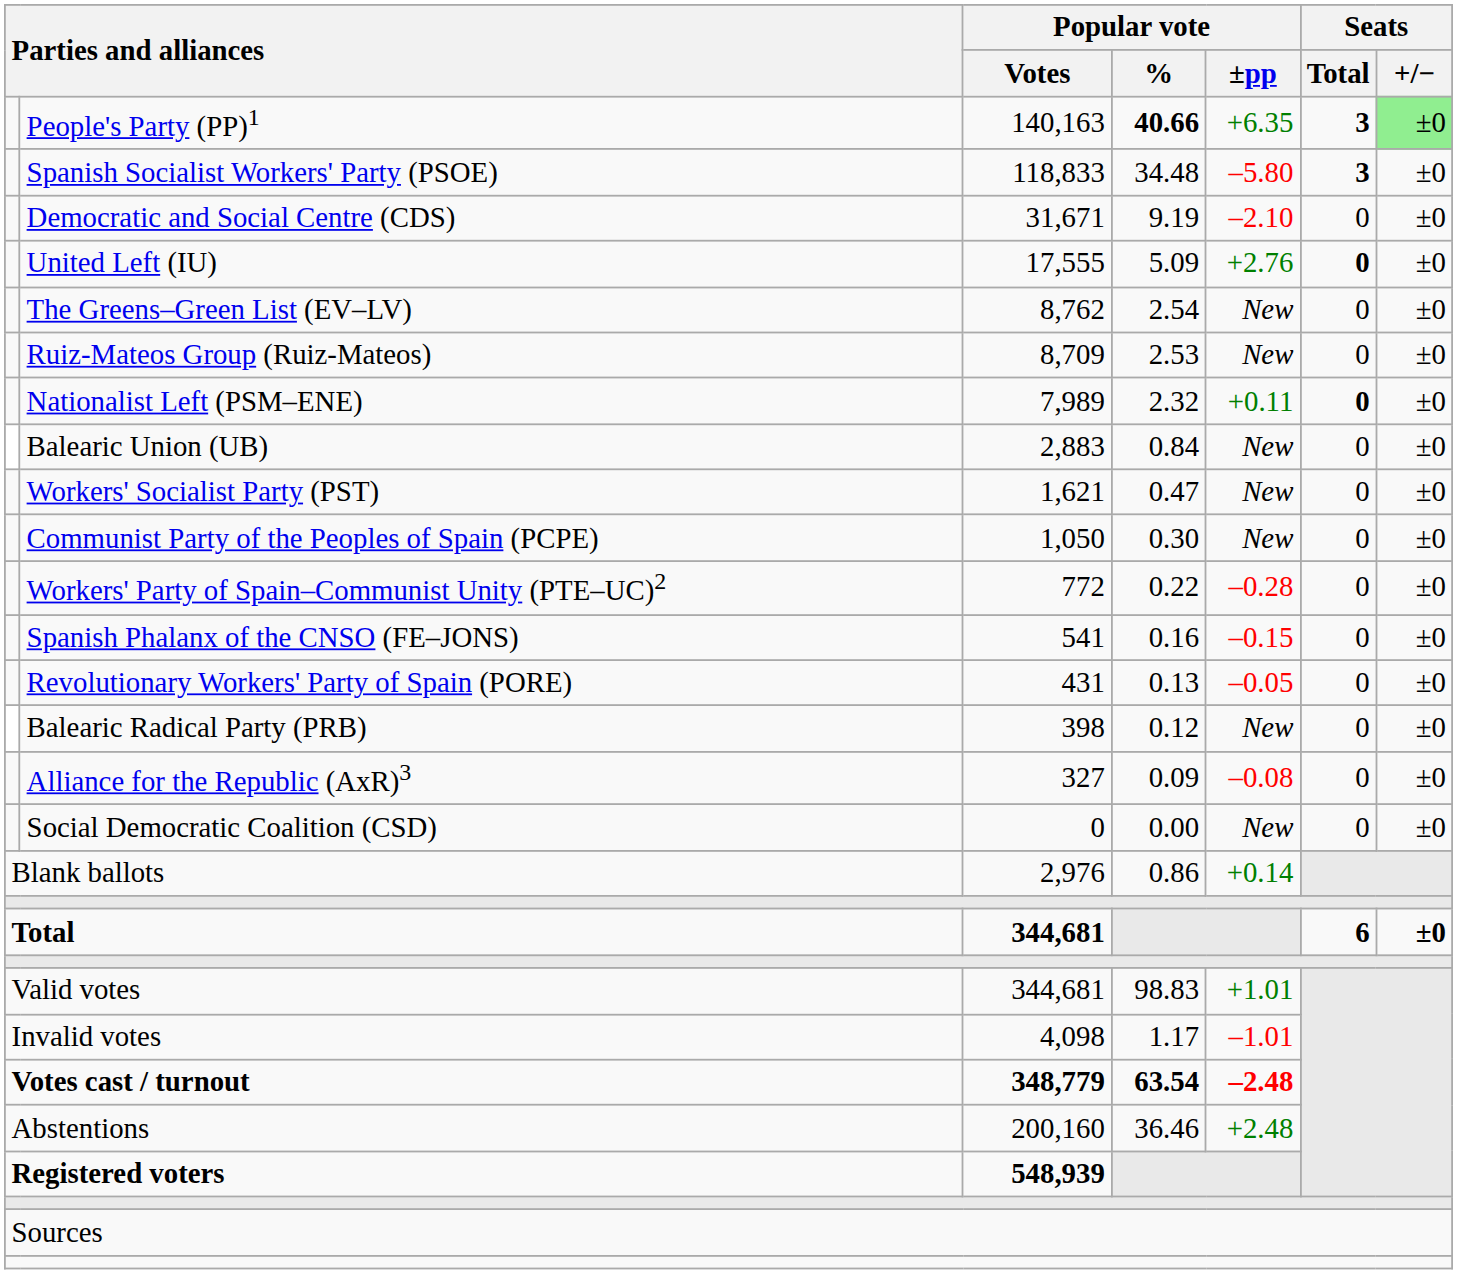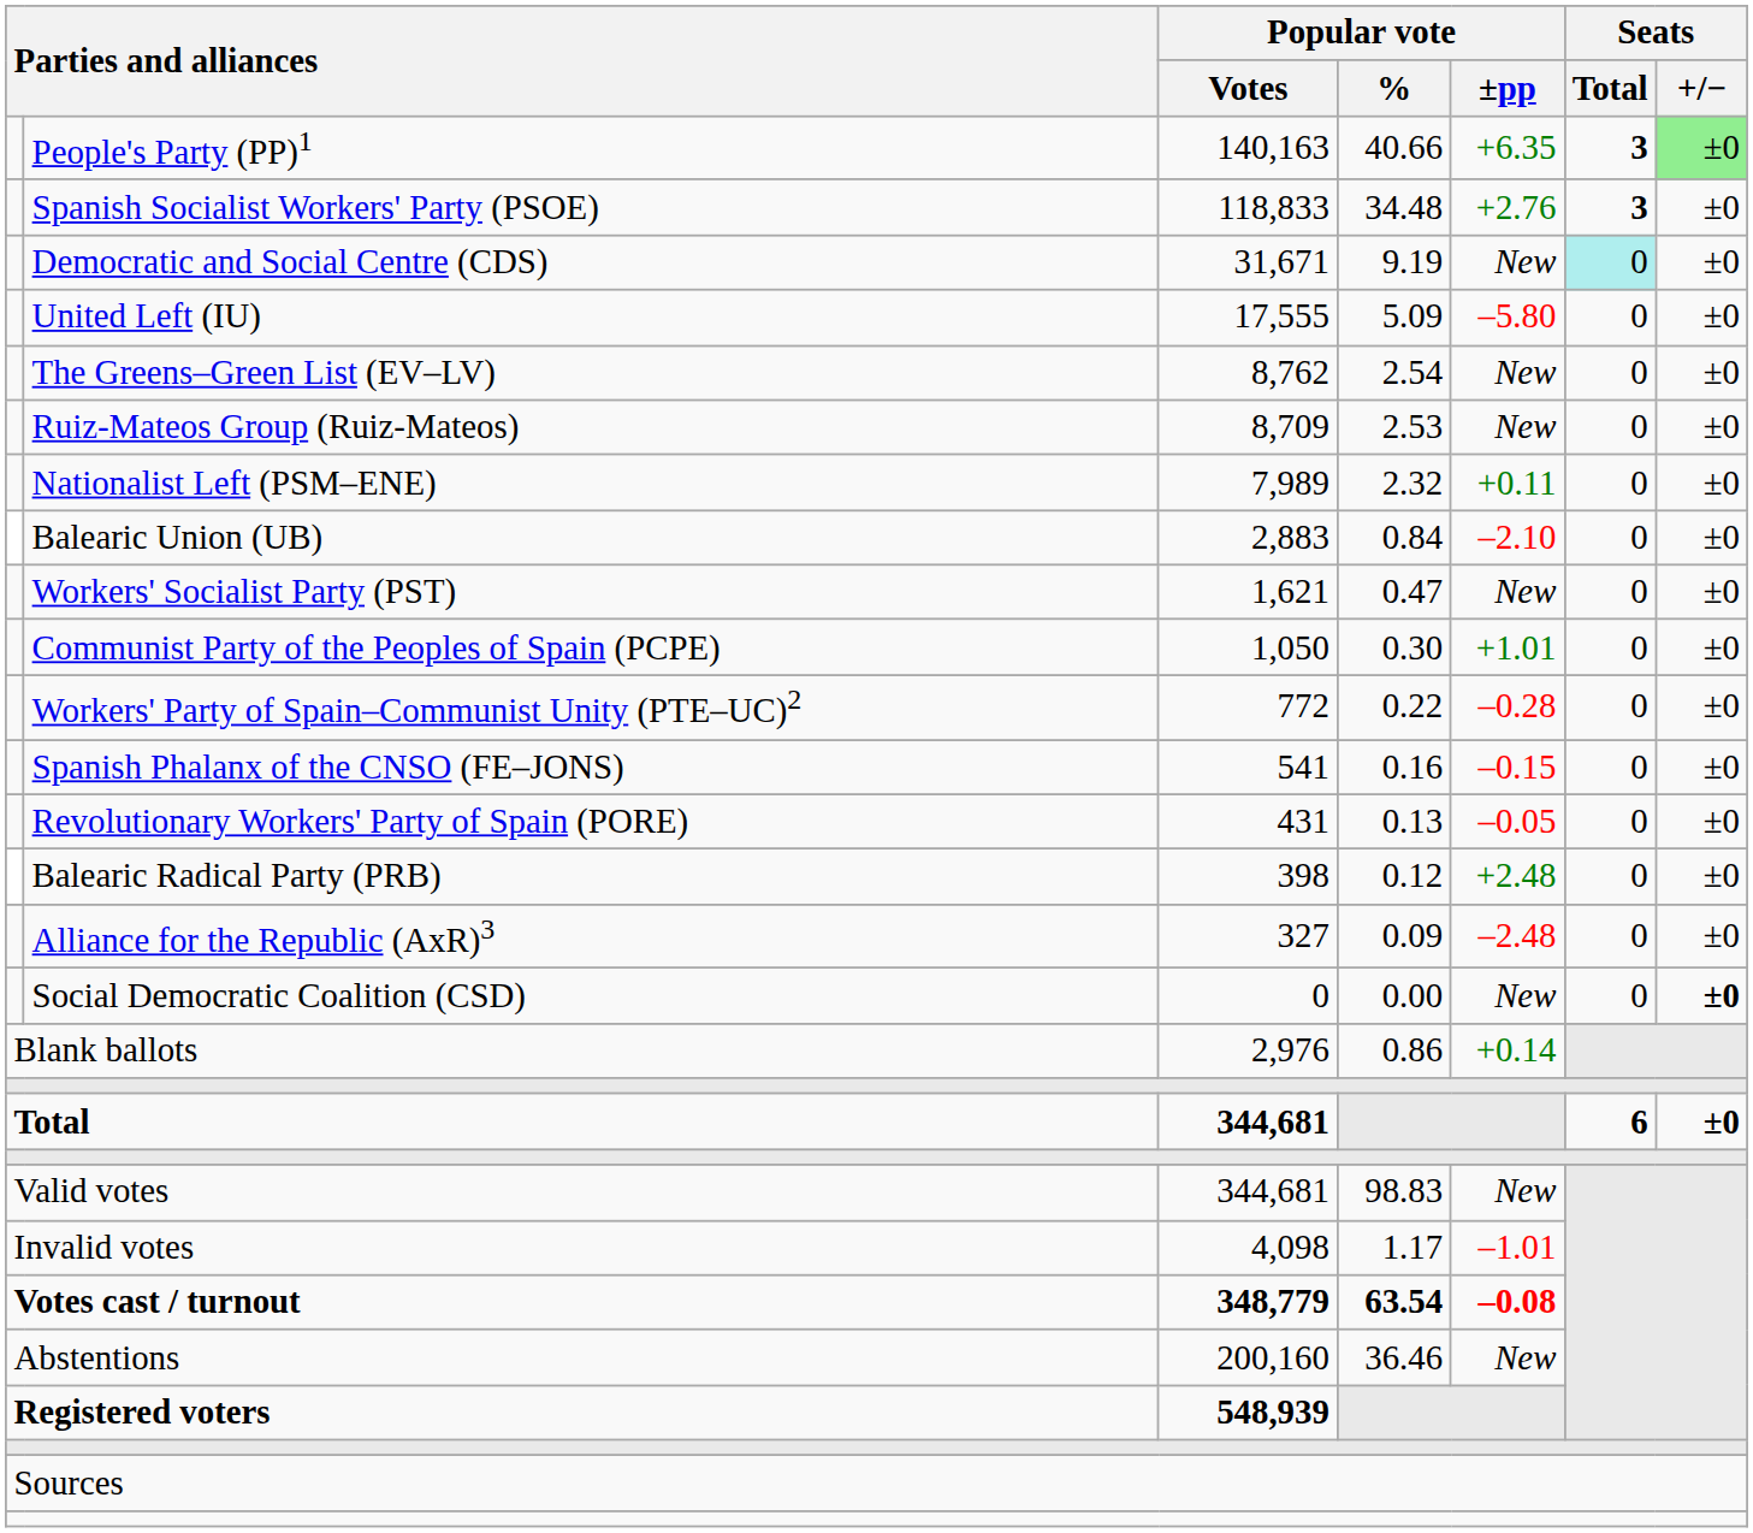 <table class="wikitable" style="text-align:right;">
 <tr>
 <th style="text-align:left;" rowspan="2" colspan="2" width="525">Parties and alliances</th>
 <th colspan="3">Popular vote</th>
 <th colspan="2">Seats</th>
 </tr>
 <tr>
 <th width="75">Votes</th>
 <th width="45">%</th>
 <th width="45">±<a href='#'>pp</a></th>
 <th width="35">Total</th>
 <th width="35">+/−</th>
 </tr>
 <tr>
 <td width="1" style="color:inherit;background:"></td>
 <td align="left"><a href='#'>People's Party</a> (PP)<sup>1</sup></td>
 <td>140,163</td>
-<td><strong>40.66</strong></td>
+<td>40.66</td>
 <td style="color:green;">+6.35</td>
 <td><strong>3</strong></td>
 <td style="background: lightgreen;">±0</td>
 </tr>
 <tr>
 <td style="color:inherit;background:"></td>
 <td align="left"><a href='#'>Spanish Socialist Workers' Party</a> (PSOE)</td>
 <td>118,833</td>
 <td>34.48</td>
-<td style="color:red;">–5.80</td>
+<td style="color:green;">+2.76</td>
 <td><strong>3</strong></td>
 <td>±0</td>
 </tr>
 <tr>
 <td style="color:inherit;background:"></td>
 <td align="left"><a href='#'>Democratic and Social Centre</a> (CDS)</td>
 <td>31,671</td>
 <td>9.19</td>
-<td style="color:red;">–2.10</td>
-<td>0</td>
+<td><em>New</em></td>
+<td style="background: paleturquoise;">0</td>
 <td>±0</td>
 </tr>
 <tr>
 <td style="color:inherit;background:"></td>
 <td align="left"><a href='#'>United Left</a> (IU)</td>
 <td>17,555</td>
 <td>5.09</td>
-<td style="color:green;">+2.76</td>
-<td><strong>0</strong></td>
+<td style="color:red;">–5.80</td>
+<td>0</td>
 <td>±0</td>
 </tr>
 <tr>
 <td style="color:inherit;background:"></td>
 <td align="left"><a href='#'>The Greens–Green List</a> (EV–LV)</td>
 <td>8,762</td>
 <td>2.54</td>
 <td><em>New</em></td>
 <td>0</td>
 <td>±0</td>
 </tr>
 <tr>
 <td style="color:inherit;background:"></td>
 <td align="left"><a href='#'>Ruiz-Mateos Group</a> (Ruiz-Mateos)</td>
 <td>8,709</td>
 <td>2.53</td>
 <td><em>New</em></td>
 <td>0</td>
 <td>±0</td>
 </tr>
 <tr>
 <td style="color:inherit;background:"></td>
 <td align="left"><a href='#'>Nationalist Left</a> (PSM–ENE)</td>
 <td>7,989</td>
 <td>2.32</td>
 <td style="color:green;">+0.11</td>
-<td><strong>0</strong></td>
+<td>0</td>
 <td>±0</td>
 </tr>
 <tr>
 <td bgcolor="white"></td>
 <td align="left">Balearic Union (UB)</td>
 <td>2,883</td>
 <td>0.84</td>
-<td><em>New</em></td>
+<td style="color:red;">–2.10</td>
 <td>0</td>
 <td>±0</td>
 </tr>
 <tr>
 <td style="color:inherit;background:"></td>
 <td align="left"><a href='#'>Workers' Socialist Party</a> (PST)</td>
 <td>1,621</td>
 <td>0.47</td>
 <td><em>New</em></td>
 <td>0</td>
 <td>±0</td>
 </tr>
 <tr>
 <td style="color:inherit;background:"></td>
 <td align="left"><a href='#'>Communist Party of the Peoples of Spain</a> (PCPE)</td>
 <td>1,050</td>
 <td>0.30</td>
-<td><em>New</em></td>
+<td style="color:green;">+1.01</td>
 <td>0</td>
 <td>±0</td>
 </tr>
 <tr>
 <td style="color:inherit;background:"></td>
 <td align="left"><a href='#'>Workers' Party of Spain–Communist Unity</a> (PTE–UC)<sup>2</sup></td>
 <td>772</td>
 <td>0.22</td>
 <td style="color:red;">–0.28</td>
 <td>0</td>
 <td>±0</td>
 </tr>
 <tr>
 <td style="color:inherit;background:"></td>
 <td align="left"><a href='#'>Spanish Phalanx of the CNSO</a> (FE–JONS)</td>
 <td>541</td>
 <td>0.16</td>
 <td style="color:red;">–0.15</td>
 <td>0</td>
 <td>±0</td>
 </tr>
 <tr>
 <td style="color:inherit;background:"></td>
 <td align="left"><a href='#'>Revolutionary Workers' Party of Spain</a> (PORE)</td>
 <td>431</td>
 <td>0.13</td>
 <td style="color:red;">–0.05</td>
 <td>0</td>
 <td>±0</td>
 </tr>
 <tr>
 <td bgcolor="white"></td>
 <td align="left">Balearic Radical Party (PRB)</td>
 <td>398</td>
 <td>0.12</td>
-<td><em>New</em></td>
+<td style="color:green;">+2.48</td>
 <td>0</td>
 <td>±0</td>
 </tr>
 <tr>
 <td style="color:inherit;background:"></td>
 <td align="left"><a href='#'>Alliance for the Republic</a> (AxR)<sup>3</sup></td>
 <td>327</td>
 <td>0.09</td>
-<td style="color:red;">–0.08</td>
+<td style="color:red;">–2.48</td>
 <td>0</td>
 <td>±0</td>
 </tr>
 <tr>
 <td style="color:inherit;background:"></td>
 <td align="left">Social Democratic Coalition (CSD)</td>
 <td>0</td>
 <td>0.00</td>
 <td><em>New</em></td>
 <td>0</td>
-<td>±0</td>
+<td><strong>±0</strong></td>
 </tr>
 <tr>
 <td align="left" colspan="2">Blank ballots</td>
 <td>2,976</td>
 <td>0.86</td>
 <td style="color:green;">+0.14</td>
 <td bgcolor="#E9E9E9" colspan="2"></td>
 </tr>
 <tr>
 <td colspan="7" bgcolor="#E9E9E9"></td>
 </tr>
 <tr style="font-weight:bold;">
 <td align="left" colspan="2">Total</td>
 <td>344,681</td>
 <td bgcolor="#E9E9E9" colspan="2"></td>
 <td>6</td>
 <td>±0</td>
 </tr>
 <tr>
 <td colspan="7" bgcolor="#E9E9E9"></td>
 </tr>
 <tr>
 <td align="left" colspan="2">Valid votes</td>
 <td>344,681</td>
 <td>98.83</td>
-<td style="color:green;">+1.01</td>
+<td><em>New</em></td>
 <td bgcolor="#E9E9E9" colspan="2" rowspan="5"></td>
 </tr>
 <tr>
 <td align="left" colspan="2">Invalid votes</td>
 <td>4,098</td>
 <td>1.17</td>
 <td style="color:red;">–1.01</td>
 </tr>
 <tr style="font-weight:bold;">
 <td align="left" colspan="2">Votes cast / turnout</td>
 <td>348,779</td>
 <td>63.54</td>
-<td style="color:red;">–2.48</td>
+<td style="color:red;">–0.08</td>
 </tr>
 <tr>
 <td align="left" colspan="2">Abstentions</td>
 <td>200,160</td>
 <td>36.46</td>
-<td style="color:green;">+2.48</td>
+<td><em>New</em></td>
 </tr>
 <tr style="font-weight:bold;">
 <td align="left" colspan="2">Registered voters</td>
 <td>548,939</td>
 <td bgcolor="#E9E9E9" colspan="2"></td>
 </tr>
 <tr>
 <td colspan="7" bgcolor="#E9E9E9"></td>
 </tr>
 <tr>
 <td align="left" colspan="7">Sources</td>
 </tr>
 <tr>
 <td colspan="7" style="text-align:left; max-width:790px;"></td>
 </tr>
 </table>
